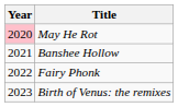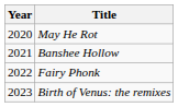 <table class="wikitable">
 <tr>
 <th>Year</th>
 <th>Title</th>
 </tr>
 <tr>
-<td style="background: pink;">2020</td>
+<td>2020</td>
 <td><em>May He Rot</em></td>
 </tr>
 <tr>
 <td>2021</td>
 <td><em>Banshee Hollow</em></td>
 </tr>
 <tr>
 <td>2022</td>
 <td><em>Fairy Phonk</em></td>
 </tr>
 <tr>
 <td>2023</td>
 <td><em>Birth of Venus: the remixes</em></td>
 </tr>
 </table>
